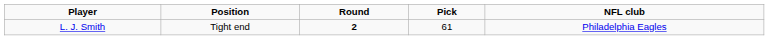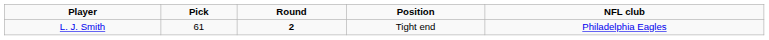 <table class="wikitable" width="80%">
 <tr align="center">
 <td><strong>Player</strong></td>
+<td><strong>Pick</strong></td>
+<td><strong>Round</strong></td>
 <td><strong>Position</strong></td>
-<td><strong>Round</strong></td>
-<td><strong>Pick</strong></td>
 <td><strong>NFL club</strong></td>
 </tr>
 <tr align="center" bgcolor="">
 <td><a href='#'>L. J. Smith</a></td>
+<td>61</td>
+<td><strong>2</strong></td>
 <td>Tight end</td>
-<td><strong>2</strong></td>
-<td>61</td>
 <td><a href='#'>Philadelphia Eagles</a></td>
 </tr>
 </table>
